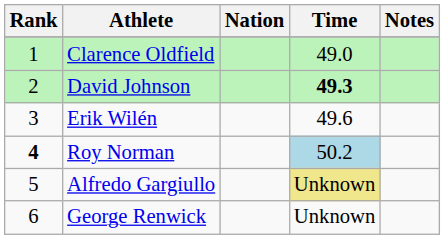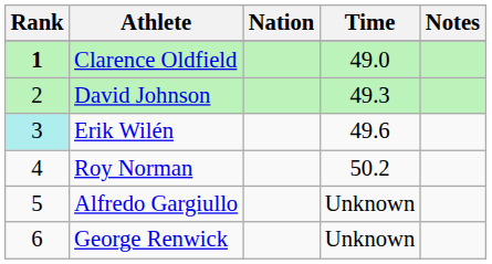 <table class="wikitable sortable" style="text-align:center">
 <tr>
 <th>Rank</th>
 <th>Athlete</th>
 <th>Nation</th>
 <th>Time</th>
 <th>Notes</th>
 </tr>
 <tr>
 </tr>
 <tr bgcolor=bbf3bb>
-<td>1</td>
+<td><strong>1</strong></td>
 <td align=left><a href='#'>Clarence Oldfield</a></td>
 <td align=left></td>
 <td>49.0</td>
 <td></td>
 </tr>
 <tr bgcolor=bbf3bb>
 <td>2</td>
 <td align=left><a href='#'>David Johnson</a></td>
 <td align=left></td>
-<td><strong>49.3</strong></td>
+<td>49.3</td>
 <td></td>
 </tr>
 <tr>
-<td>3</td>
+<td style="background: paleturquoise;">3</td>
 <td align=left><a href='#'>Erik Wilén</a></td>
 <td align=left></td>
 <td>49.6</td>
 <td></td>
 </tr>
 <tr>
-<td><strong>4</strong></td>
+<td>4</td>
 <td align=left><a href='#'>Roy Norman</a></td>
 <td align=left></td>
-<td style="background: lightblue;">50.2</td>
+<td>50.2</td>
 <td></td>
 </tr>
 <tr>
 <td>5</td>
 <td align=left><a href='#'>Alfredo Gargiullo</a></td>
 <td align=left></td>
-<td style="background: khaki;">Unknown</td>
+<td>Unknown</td>
 <td></td>
 </tr>
 <tr>
 <td>6</td>
 <td align=left><a href='#'>George Renwick</a></td>
 <td align=left></td>
 <td>Unknown</td>
 <td></td>
 </tr>
 </table>
